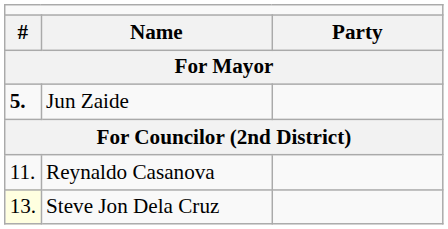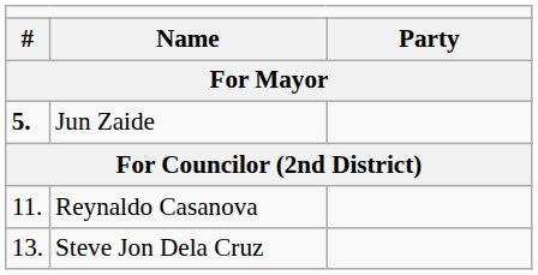 <table class=wikitable style="font-size:90%">
 <tr>
 <td colspan=5 bgcolor=></td>
 </tr>
 <tr>
 <th>#</th>
 <th width=150px>Name</th>
 <th colspan=2 width=110px>Party</th>
 </tr>
 <tr>
 <th colspan=5>For Mayor</th>
 </tr>
 <tr>
 <td><strong>5.</strong></td>
 <td>Jun Zaide</td>
 <td></td>
 </tr>
 <tr>
 <th colspan=5>For Councilor (2nd District)</th>
 </tr>
 <tr>
 <td>11.</td>
 <td>Reynaldo Casanova</td>
 <td></td>
 </tr>
 <tr>
-<td style="background: lightyellow;">13.</td>
+<td>13.</td>
 <td>Steve Jon Dela Cruz</td>
 <td></td>
 </tr>
 </table>
